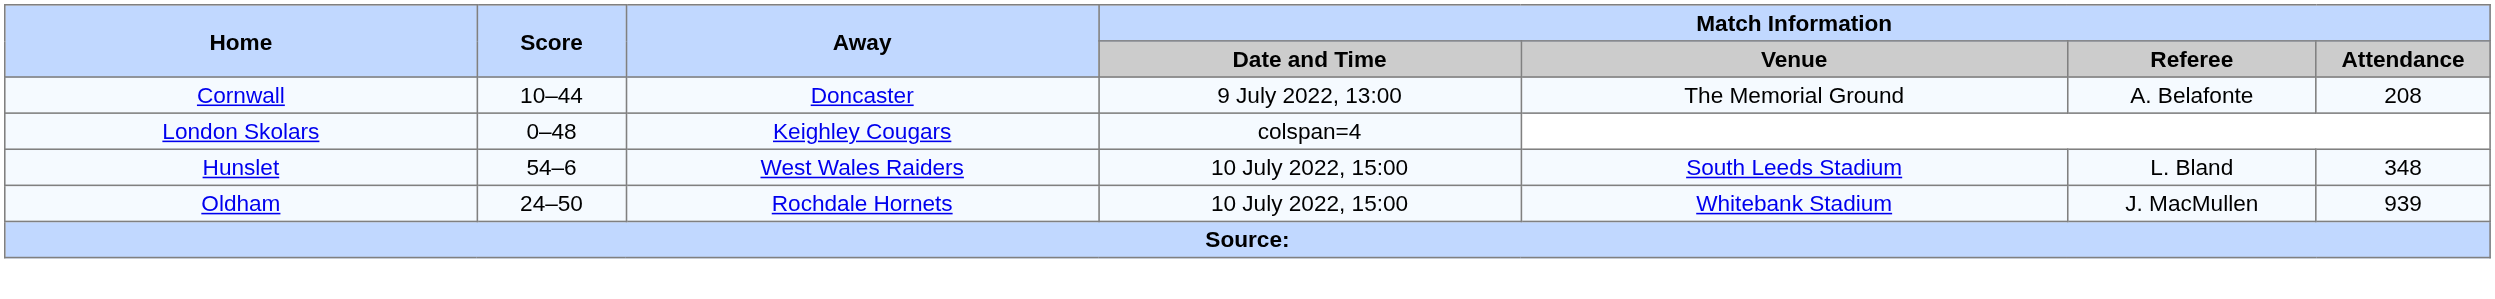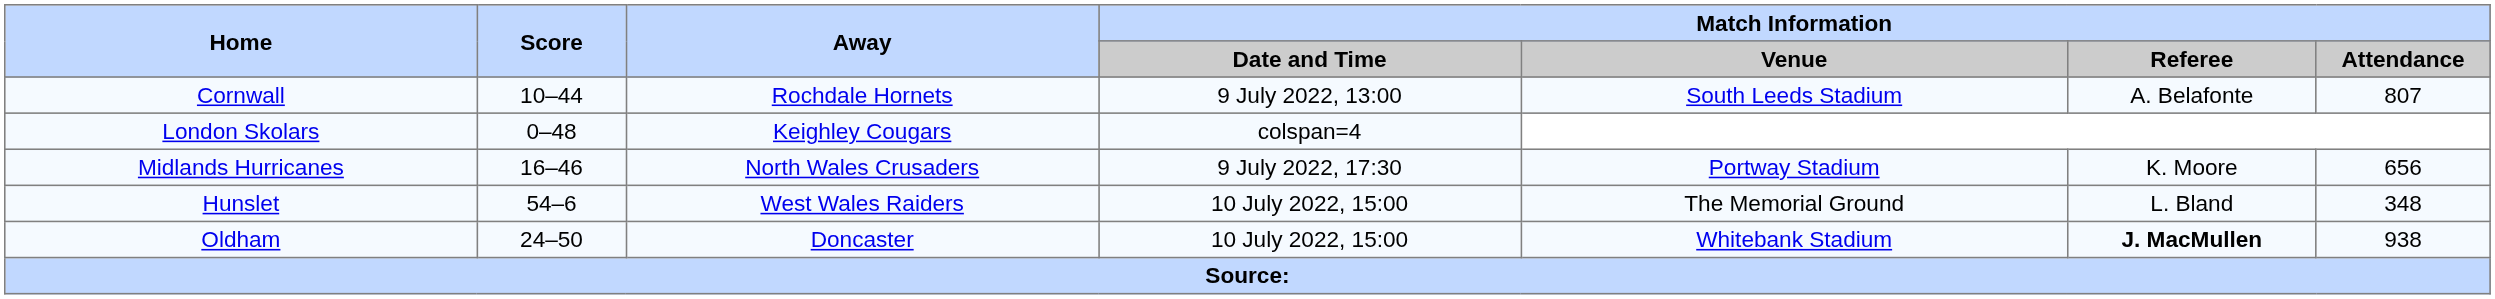 <table border=1 style="border-collapse:collapse; font-size:90%; text-align:center;" cellpadding=3 cellspacing=0 width=100%>
 <tr bgcolor=#C1D8FF>
 <th scope="col" rowspan=2 width=19%>Home</th>
 <th scope="col" rowspan=2 width=6%>Score</th>
 <th scope="col" rowspan=2 width=19%>Away</th>
 <th colspan=4>Match Information</th>
 </tr>
 <tr bgcolor=#CCCCCC>
 <th scope="col" width=17%>Date and Time</th>
 <th scope="col" width=22%>Venue</th>
 <th scope="col" width=10%>Referee</th>
 <th scope="col" width=7%>Attendance</th>
 </tr>
 <tr bgcolor=#F5FAFF>
 <td> <a href='#'>Cornwall</a></td>
 <td>10–44</td>
-<td> <a href='#'>Doncaster</a></td>
+<td> <a href='#'>Rochdale Hornets</a></td>
 <td>9 July 2022, 13:00</td>
-<td>The Memorial Ground</td>
+<td><a href='#'>South Leeds Stadium</a></td>
 <td>A. Belafonte</td>
-<td>208</td>
+<td>807</td>
 </tr>
 <tr bgcolor=#F5FAFF>
 <td> <a href='#'>London Skolars</a></td>
 <td>0–48</td>
 <td> <a href='#'>Keighley Cougars</a></td>
 <td>colspan=4 </td>
 </tr>
 <tr bgcolor=#F5FAFF>
+<td> <a href='#'>Midlands Hurricanes</a></td>
+<td>16–46</td>
+<td> <a href='#'>North Wales Crusaders</a></td>
+<td>9 July 2022, 17:30</td>
+<td><a href='#'>Portway Stadium</a></td>
+<td>K. Moore</td>
+<td>656</td>
+</tr>
+<tr bgcolor=#F5FAFF>
 <td> <a href='#'>Hunslet</a></td>
 <td>54–6</td>
 <td> <a href='#'>West Wales Raiders</a></td>
 <td>10 July 2022, 15:00</td>
-<td><a href='#'>South Leeds Stadium</a></td>
+<td>The Memorial Ground</td>
 <td>L. Bland</td>
 <td>348</td>
 </tr>
 <tr bgcolor=#F5FAFF>
 <td> <a href='#'>Oldham</a></td>
 <td>24–50</td>
-<td> <a href='#'>Rochdale Hornets</a></td>
+<td> <a href='#'>Doncaster</a></td>
 <td>10 July 2022, 15:00</td>
 <td><a href='#'>Whitebank Stadium</a></td>
-<td>J. MacMullen</td>
-<td>939</td>
+<td><strong>J. MacMullen</strong></td>
+<td>938</td>
 </tr>
 <tr style="background:#c1d8ff;">
 <th colspan=7>Source:</th>
 </tr>
 </table>
